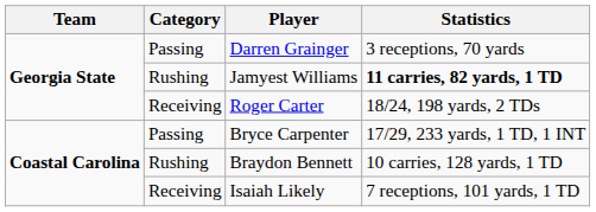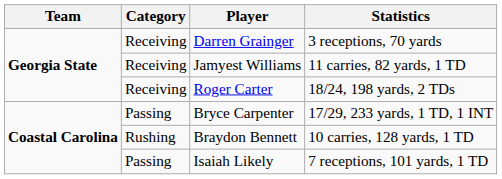 <table class="wikitable" style="float: left;">
 <tr>
 <th>Team</th>
 <th>Category</th>
 <th>Player</th>
 <th>Statistics</th>
 </tr>
 <tr>
 <td rowspan=3><strong>Georgia State</strong></td>
-<td>Passing</td>
+<td>Receiving</td>
 <td><a href='#'>Darren Grainger</a></td>
 <td>3 receptions, 70 yards</td>
 </tr>
 <tr>
-<td>Rushing</td>
+<td>Receiving</td>
 <td>Jamyest Williams</td>
-<td><strong>11 carries, 82 yards, 1 TD</strong></td>
+<td>11 carries, 82 yards, 1 TD</td>
 </tr>
 <tr>
 <td>Receiving</td>
 <td><a href='#'>Roger Carter</a></td>
 <td>18/24, 198 yards, 2 TDs</td>
 </tr>
 <tr>
 <td rowspan=3><strong>Coastal Carolina</strong></td>
 <td>Passing</td>
 <td>Bryce Carpenter</td>
 <td>17/29, 233 yards, 1 TD, 1 INT</td>
 </tr>
 <tr>
 <td>Rushing</td>
 <td>Braydon Bennett</td>
 <td>10 carries, 128 yards, 1 TD</td>
 </tr>
 <tr>
-<td>Receiving</td>
+<td>Passing</td>
 <td>Isaiah Likely</td>
 <td>7 receptions, 101 yards, 1 TD</td>
 </tr>
 </table>
